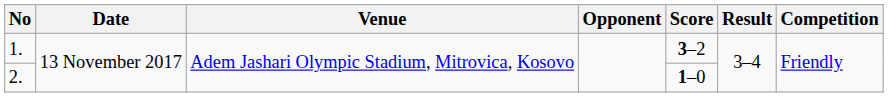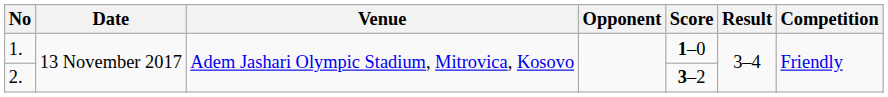 <table class="wikitable" style="font-size:100%;">
 <tr>
 <th>No</th>
 <th>Date</th>
 <th>Venue</th>
 <th>Opponent</th>
 <th>Score</th>
 <th>Result</th>
 <th>Competition</th>
 </tr>
 <tr>
 <td>1.</td>
 <td rowspan="2">13 November 2017</td>
 <td rowspan="2"><a href='#'>Adem Jashari Olympic Stadium</a>, <a href='#'>Mitrovica</a>, <a href='#'>Kosovo</a></td>
 <td rowspan="2"></td>
-<td align=center><strong>3</strong>–2</td>
+<td align=center><strong>1</strong>–0</td>
 <td rowspan="2" align=center>3–4</td>
 <td rowspan="2"><a href='#'>Friendly</a></td>
 </tr>
 <tr>
 <td>2.</td>
-<td align=center><strong>1</strong>–0</td>
+<td align=center><strong>3</strong>–2</td>
 </tr>
 </table>
